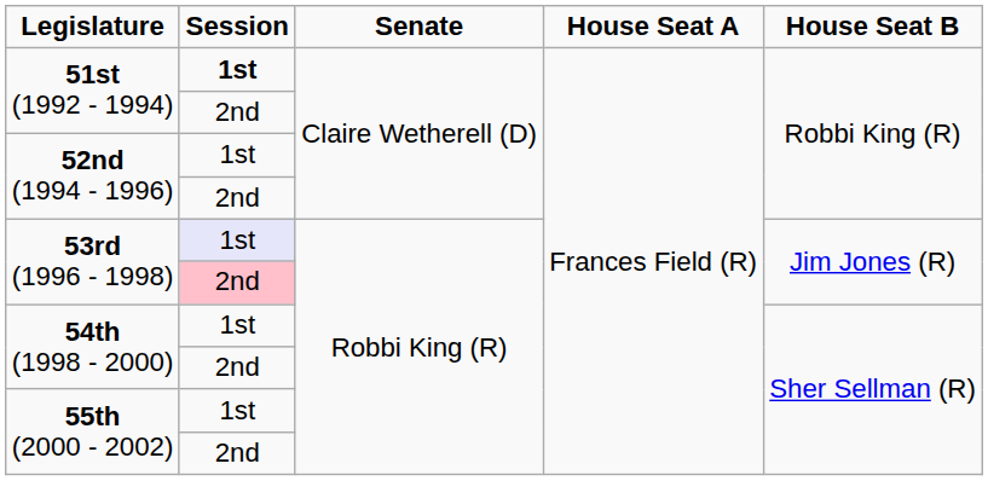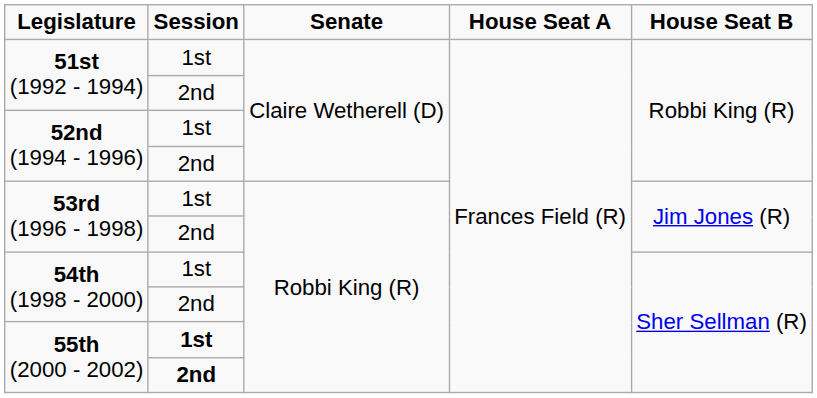 <table class=wikitable style="text-align:center">
 <tr>
 <td><strong>Legislature</strong></td>
 <td><strong>Session</strong></td>
 <td><strong>Senate</strong></td>
 <td><strong>House Seat A</strong></td>
 <td><strong>House Seat B</strong></td>
 </tr>
 <tr>
 <td rowspan="2" colspan="1" style="text-align: center;"><strong>51st</strong> <br> (1992 - 1994)</td>
-<td><strong>1st</strong></td>
+<td>1st</td>
 <td rowspan="4" colspan="1" style="text-align: center;" >Claire Wetherell (D)</td>
 <td rowspan="10" colspan="1" style="text-align: center;" >Frances Field (R)</td>
 <td rowspan="4" colspan="1" style="text-align: center;" >Robbi King (R)</td>
 </tr>
 <tr>
 <td>2nd</td>
 </tr>
 <tr>
 <td rowspan="2" colspan="1" style="text-align: center;"><strong>52nd</strong> <br> (1994 - 1996)</td>
 <td>1st</td>
 </tr>
 <tr>
 <td>2nd</td>
 </tr>
 <tr>
 <td rowspan="2" colspan="1" style="text-align: center;"><strong>53rd</strong> <br> (1996 - 1998)</td>
-<td style="background: lavender;">1st</td>
+<td>1st</td>
 <td rowspan="6" colspan="1" style="text-align: center;" >Robbi King (R)</td>
 <td rowspan="2" colspan="1" style="text-align: center;" ><a href='#'>Jim Jones</a> (R)</td>
 </tr>
 <tr>
-<td style="background: pink;">2nd</td>
+<td>2nd</td>
 </tr>
 <tr>
 <td rowspan="2" colspan="1" style="text-align: center;"><strong>54th</strong> <br> (1998 - 2000)</td>
 <td>1st</td>
 <td rowspan="4" colspan="1" style="text-align: center;" ><a href='#'>Sher Sellman</a> (R)</td>
 </tr>
 <tr>
 <td>2nd</td>
 </tr>
 <tr>
 <td rowspan="2" colspan="1" style="text-align: center;"><strong>55th</strong> <br> (2000 - 2002)</td>
-<td>1st</td>
+<td><strong>1st</strong></td>
 </tr>
 <tr>
-<td>2nd</td>
+<td><strong>2nd</strong></td>
 </tr>
 </table>
